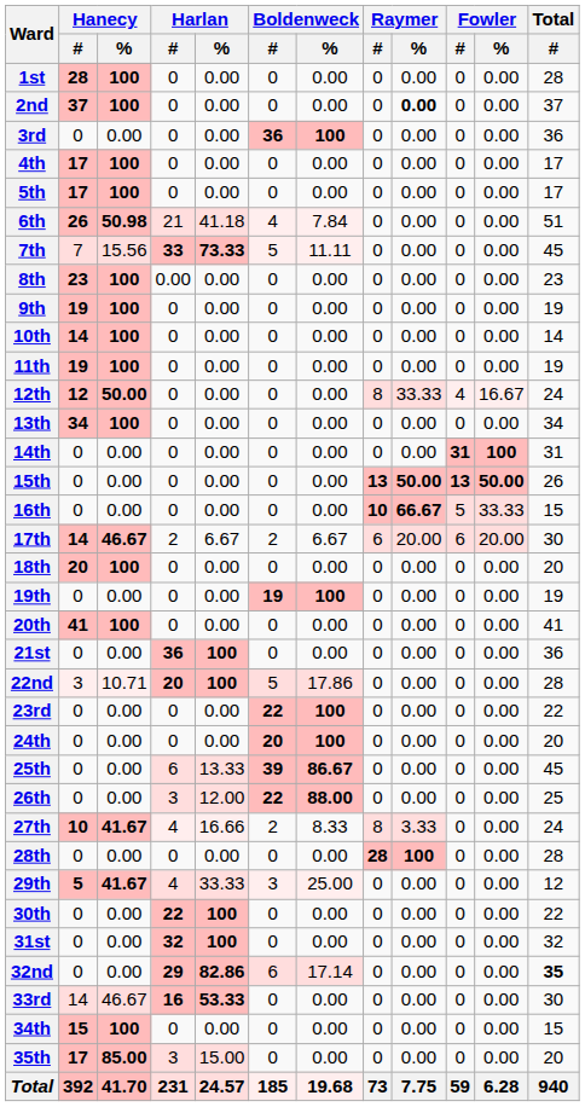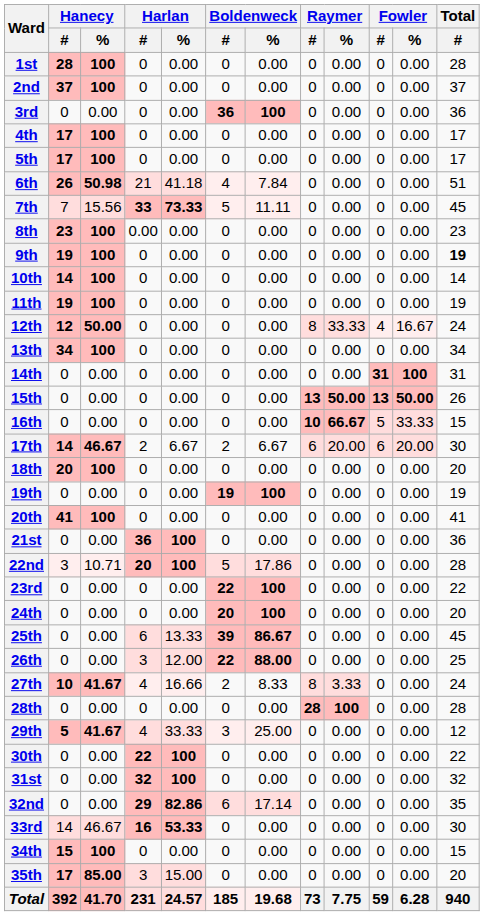 <table class="wikitable mw-collapsible mw-collapsed" style="text-align: center">
 <tr>
 <th rowspan=2>Ward</th>
 <th colspan=2><a href='#'>Hanecy</a></th>
 <th colspan=2><a href='#'>Harlan</a></th>
 <th colspan=2><a href='#'>Boldenweck</a></th>
 <th colspan=2><a href='#'>Raymer</a></th>
 <th colspan=2><a href='#'>Fowler</a></th>
 <th>Total</th>
 </tr>
 <tr>
 <th>#</th>
 <th>%</th>
 <th>#</th>
 <th>%</th>
 <th>#</th>
 <th>%</th>
 <th>#</th>
 <th>%</th>
 <th>#</th>
 <th>%</th>
 <th>#</th>
 </tr>
 <tr>
 <th><a href='#'>1st</a></th>
 <td style="background:#fbb;"><strong>28</strong></td>
 <td style="background:#fbb;"><strong>100</strong></td>
 <td>0</td>
 <td>0.00</td>
 <td>0</td>
 <td>0.00</td>
 <td>0</td>
 <td>0.00</td>
 <td>0</td>
 <td>0.00</td>
 <td>28</td>
 </tr>
 <tr>
 <th><a href='#'>2nd</a></th>
 <td style="background:#fbb;"><strong>37</strong></td>
 <td style="background:#fbb;"><strong>100</strong></td>
 <td>0</td>
 <td>0.00</td>
 <td>0</td>
 <td>0.00</td>
 <td>0</td>
-<td><strong>0.00</strong></td>
+<td>0.00</td>
 <td>0</td>
 <td>0.00</td>
 <td>37</td>
 </tr>
 <tr>
 <th><a href='#'>3rd</a></th>
 <td>0</td>
 <td>0.00</td>
 <td>0</td>
 <td>0.00</td>
 <td style="background:#fbb;"><strong>36</strong></td>
 <td style="background:#fbb;"><strong>100</strong></td>
 <td>0</td>
 <td>0.00</td>
 <td>0</td>
 <td>0.00</td>
 <td>36</td>
 </tr>
 <tr>
 <th><a href='#'>4th</a></th>
 <td style="background:#fbb;"><strong>17</strong></td>
 <td style="background:#fbb;"><strong>100</strong></td>
 <td>0</td>
 <td>0.00</td>
 <td>0</td>
 <td>0.00</td>
 <td>0</td>
 <td>0.00</td>
 <td>0</td>
 <td>0.00</td>
 <td>17</td>
 </tr>
 <tr>
 <th><a href='#'>5th</a></th>
 <td style="background:#fbb;"><strong>17</strong></td>
 <td style="background:#fbb;"><strong>100</strong></td>
 <td>0</td>
 <td>0.00</td>
 <td>0</td>
 <td>0.00</td>
 <td>0</td>
 <td>0.00</td>
 <td>0</td>
 <td>0.00</td>
 <td>17</td>
 </tr>
 <tr>
 <th><a href='#'>6th</a></th>
 <td style="background:#fbb;"><strong>26</strong></td>
 <td style="background:#fbb;"><strong>50.98</strong></td>
 <td style="background:#fdd;">21</td>
 <td style="background:#fdd;">41.18</td>
 <td style="background:#fee;">4</td>
 <td style="background:#fee;">7.84</td>
 <td>0</td>
 <td>0.00</td>
 <td>0</td>
 <td>0.00</td>
 <td>51</td>
 </tr>
 <tr>
 <th><a href='#'>7th</a></th>
 <td style="background:#fdd;">7</td>
 <td style="background:#fdd;">15.56</td>
 <td style="background:#fbb;"><strong>33</strong></td>
 <td style="background:#fbb;"><strong>73.33</strong></td>
 <td style="background:#fee;">5</td>
 <td style="background:#fee;">11.11</td>
 <td>0</td>
 <td>0.00</td>
 <td>0</td>
 <td>0.00</td>
 <td>45</td>
 </tr>
 <tr>
 <th><a href='#'>8th</a></th>
 <td style="background:#fbb;"><strong>23</strong></td>
 <td style="background:#fbb;"><strong>100</strong></td>
 <td>0.00</td>
 <td>0.00</td>
 <td>0</td>
 <td>0.00</td>
 <td>0</td>
 <td>0.00</td>
 <td>0</td>
 <td>0.00</td>
 <td>23</td>
 </tr>
 <tr>
 <th><a href='#'>9th</a></th>
 <td style="background:#fbb;"><strong>19</strong></td>
 <td style="background:#fbb;"><strong>100</strong></td>
 <td>0</td>
 <td>0.00</td>
 <td>0</td>
 <td>0.00</td>
 <td>0</td>
 <td>0.00</td>
 <td>0</td>
 <td>0.00</td>
-<td>19</td>
+<td><strong>19</strong></td>
 </tr>
 <tr>
 <th><a href='#'>10th</a></th>
 <td style="background:#fbb;"><strong>14</strong></td>
 <td style="background:#fbb;"><strong>100</strong></td>
 <td>0</td>
 <td>0.00</td>
 <td>0</td>
 <td>0.00</td>
 <td>0</td>
 <td>0.00</td>
 <td>0</td>
 <td>0.00</td>
 <td>14</td>
 </tr>
 <tr>
 <th><a href='#'>11th</a></th>
 <td style="background:#fbb;"><strong>19</strong></td>
 <td style="background:#fbb;"><strong>100</strong></td>
 <td>0</td>
 <td>0.00</td>
 <td>0</td>
 <td>0.00</td>
 <td>0</td>
 <td>0.00</td>
 <td>0</td>
 <td>0.00</td>
 <td>19</td>
 </tr>
 <tr>
 <th><a href='#'>12th</a></th>
 <td style="background:#fbb;"><strong>12</strong></td>
 <td style="background:#fbb;"><strong>50.00</strong></td>
 <td>0</td>
 <td>0.00</td>
 <td>0</td>
 <td>0.00</td>
 <td style="background:#fdd;">8</td>
 <td style="background:#fdd;">33.33</td>
 <td style="background:#fee;">4</td>
 <td style="background:#fee;">16.67</td>
 <td>24</td>
 </tr>
 <tr>
 <th><a href='#'>13th</a></th>
 <td style="background:#fbb;"><strong>34</strong></td>
 <td style="background:#fbb;"><strong>100</strong></td>
 <td>0</td>
 <td>0.00</td>
 <td>0</td>
 <td>0.00</td>
 <td>0</td>
 <td>0.00</td>
 <td>0</td>
 <td>0.00</td>
 <td>34</td>
 </tr>
 <tr>
 <th><a href='#'>14th</a></th>
 <td>0</td>
 <td>0.00</td>
 <td>0</td>
 <td>0.00</td>
 <td>0</td>
 <td>0.00</td>
 <td>0</td>
 <td>0.00</td>
 <td style="background:#fbb;"><strong>31</strong></td>
 <td style="background:#fbb;"><strong>100</strong></td>
 <td>31</td>
 </tr>
 <tr>
 <th><a href='#'>15th</a></th>
 <td>0</td>
 <td>0.00</td>
 <td>0</td>
 <td>0.00</td>
 <td>0</td>
 <td>0.00</td>
 <td style="background:#fbb;"><strong>13</strong></td>
 <td style="background:#fbb;"><strong>50.00</strong></td>
 <td style="background:#fbb;"><strong>13</strong></td>
 <td style="background:#fbb;"><strong>50.00</strong></td>
 <td>26</td>
 </tr>
 <tr>
 <th><a href='#'>16th</a></th>
 <td>0</td>
 <td>0.00</td>
 <td>0</td>
 <td>0.00</td>
 <td>0</td>
 <td>0.00</td>
 <td style="background:#fbb;"><strong>10</strong></td>
 <td style="background:#fbb;"><strong>66.67</strong></td>
 <td style="background:#fdd;">5</td>
 <td style="background:#fdd;">33.33</td>
 <td>15</td>
 </tr>
 <tr>
 <th><a href='#'>17th</a></th>
 <td style="background:#fbb;"><strong>14</strong></td>
 <td style="background:#fbb;"><strong>46.67</strong></td>
 <td>2</td>
 <td>6.67</td>
 <td>2</td>
 <td>6.67</td>
 <td style="background:#fdd;">6</td>
 <td style="background:#fdd;">20.00</td>
 <td style="background:#fdd;">6</td>
 <td style="background:#fdd;">20.00</td>
 <td>30</td>
 </tr>
 <tr>
 <th><a href='#'>18th</a></th>
 <td style="background:#fbb;"><strong>20</strong></td>
 <td style="background:#fbb;"><strong>100</strong></td>
 <td>0</td>
 <td>0.00</td>
 <td>0</td>
 <td>0.00</td>
 <td>0</td>
 <td>0.00</td>
 <td>0</td>
 <td>0.00</td>
 <td>20</td>
 </tr>
 <tr>
 <th><a href='#'>19th</a></th>
 <td>0</td>
 <td>0.00</td>
 <td>0</td>
 <td>0.00</td>
 <td style="background:#fbb;"><strong>19</strong></td>
 <td style="background:#fbb;"><strong>100</strong></td>
 <td>0</td>
 <td>0.00</td>
 <td>0</td>
 <td>0.00</td>
 <td>19</td>
 </tr>
 <tr>
 <th><a href='#'>20th</a></th>
 <td style="background:#fbb;"><strong>41</strong></td>
 <td style="background:#fbb;"><strong>100</strong></td>
 <td>0</td>
 <td>0.00</td>
 <td>0</td>
 <td>0.00</td>
 <td>0</td>
 <td>0.00</td>
 <td>0</td>
 <td>0.00</td>
 <td>41</td>
 </tr>
 <tr>
 <th><a href='#'>21st</a></th>
 <td>0</td>
 <td>0.00</td>
 <td style="background:#fbb;"><strong>36</strong></td>
 <td style="background:#fbb;"><strong>100</strong></td>
 <td>0</td>
 <td>0.00</td>
 <td>0</td>
 <td>0.00</td>
 <td>0</td>
 <td>0.00</td>
 <td>36</td>
 </tr>
 <tr>
 <th><a href='#'>22nd</a></th>
 <td style="background:#fee;">3</td>
 <td style="background:#fee;">10.71</td>
 <td style="background:#fbb;"><strong>20</strong></td>
 <td style="background:#fbb;"><strong>100</strong></td>
 <td style="background:#fdd;">5</td>
 <td style="background:#fdd;">17.86</td>
 <td>0</td>
 <td>0.00</td>
 <td>0</td>
 <td>0.00</td>
 <td>28</td>
 </tr>
 <tr>
 <th><a href='#'>23rd</a></th>
 <td>0</td>
 <td>0.00</td>
 <td>0</td>
 <td>0.00</td>
 <td style="background:#fbb;"><strong>22</strong></td>
 <td style="background:#fbb;"><strong>100</strong></td>
 <td>0</td>
 <td>0.00</td>
 <td>0</td>
 <td>0.00</td>
 <td>22</td>
 </tr>
 <tr>
 <th><a href='#'>24th</a></th>
 <td>0</td>
 <td>0.00</td>
 <td>0</td>
 <td>0.00</td>
 <td style="background:#fbb;"><strong>20</strong></td>
 <td style="background:#fbb;"><strong>100</strong></td>
 <td>0</td>
 <td>0.00</td>
 <td>0</td>
 <td>0.00</td>
 <td>20</td>
 </tr>
 <tr>
 <th><a href='#'>25th</a></th>
 <td>0</td>
 <td>0.00</td>
 <td style="background:#fdd;">6</td>
 <td style="background:#fdd;">13.33</td>
 <td style="background:#fbb;"><strong>39</strong></td>
 <td style="background:#fbb;"><strong>86.67</strong></td>
 <td>0</td>
 <td>0.00</td>
 <td>0</td>
 <td>0.00</td>
 <td>45</td>
 </tr>
 <tr>
 <th><a href='#'>26th</a></th>
 <td>0</td>
 <td>0.00</td>
 <td style="background:#fdd;">3</td>
 <td style="background:#fdd;">12.00</td>
 <td style="background:#fbb;"><strong>22</strong></td>
 <td style="background:#fbb;"><strong>88.00</strong></td>
 <td>0</td>
 <td>0.00</td>
 <td>0</td>
 <td>0.00</td>
 <td>25</td>
 </tr>
 <tr>
 <th><a href='#'>27th</a></th>
 <td style="background:#fbb;"><strong>10</strong></td>
 <td style="background:#fbb;"><strong>41.67</strong></td>
 <td style="background:#fee;">4</td>
 <td style="background:#fee;">16.66</td>
 <td>2</td>
 <td>8.33</td>
 <td style="background:#fdd;">8</td>
 <td style="background:#fdd;">3.33</td>
 <td>0</td>
 <td>0.00</td>
 <td>24</td>
 </tr>
 <tr>
 <th><a href='#'>28th</a></th>
 <td>0</td>
 <td>0.00</td>
 <td>0</td>
 <td>0.00</td>
 <td>0</td>
 <td>0.00</td>
 <td style="background:#fbb;"><strong>28</strong></td>
 <td style="background:#fbb;"><strong>100</strong></td>
 <td>0</td>
 <td>0.00</td>
 <td>28</td>
 </tr>
 <tr>
 <th><a href='#'>29th</a></th>
 <td style="background:#fbb;"><strong>5</strong></td>
 <td style="background:#fbb;"><strong>41.67</strong></td>
 <td style="background:#fdd;">4</td>
 <td style="background:#fdd;">33.33</td>
 <td style="background:#fee;">3</td>
 <td style="background:#fee;">25.00</td>
 <td>0</td>
 <td>0.00</td>
 <td>0</td>
 <td>0.00</td>
 <td>12</td>
 </tr>
 <tr>
 <th><a href='#'>30th</a></th>
 <td>0</td>
 <td>0.00</td>
 <td style="background:#fbb;"><strong>22</strong></td>
 <td style="background:#fbb;"><strong>100</strong></td>
 <td>0</td>
 <td>0.00</td>
 <td>0</td>
 <td>0.00</td>
 <td>0</td>
 <td>0.00</td>
 <td>22</td>
 </tr>
 <tr>
 <th><a href='#'>31st</a></th>
 <td>0</td>
 <td>0.00</td>
 <td style="background:#fbb;"><strong>32</strong></td>
 <td style="background:#fbb;"><strong>100</strong></td>
 <td>0</td>
 <td>0.00</td>
 <td>0</td>
 <td>0.00</td>
 <td>0</td>
 <td>0.00</td>
 <td>32</td>
 </tr>
 <tr>
 <th><a href='#'>32nd</a></th>
 <td>0</td>
 <td>0.00</td>
 <td style="background:#fbb;"><strong>29</strong></td>
 <td style="background:#fbb;"><strong>82.86</strong></td>
 <td style="background:#fdd;">6</td>
 <td style="background:#fdd;">17.14</td>
 <td>0</td>
 <td>0.00</td>
 <td>0</td>
 <td>0.00</td>
-<td><strong>35</strong></td>
+<td>35</td>
 </tr>
 <tr>
 <th><a href='#'>33rd</a></th>
 <td style="background:#fdd;">14</td>
 <td style="background:#fdd;">46.67</td>
 <td style="background:#fbb;"><strong>16</strong></td>
 <td style="background:#fbb;"><strong>53.33</strong></td>
 <td>0</td>
 <td>0.00</td>
 <td>0</td>
 <td>0.00</td>
 <td>0</td>
 <td>0.00</td>
 <td>30</td>
 </tr>
 <tr>
 <th><a href='#'>34th</a></th>
 <td style="background:#fbb;"><strong>15</strong></td>
 <td style="background:#fbb;"><strong>100</strong></td>
 <td>0</td>
 <td>0.00</td>
 <td>0</td>
 <td>0.00</td>
 <td>0</td>
 <td>0.00</td>
 <td>0</td>
 <td>0.00</td>
 <td>15</td>
 </tr>
 <tr>
 <th><a href='#'>35th</a></th>
 <td style="background:#fbb;"><strong>17</strong></td>
 <td style="background:#fbb;"><strong>85.00</strong></td>
 <td style="background:#fdd;">3</td>
 <td style="background:#fdd;">15.00</td>
 <td>0</td>
 <td>0.00</td>
 <td>0</td>
 <td>0.00</td>
 <td>0</td>
 <td>0.00</td>
 <td>20</td>
 </tr>
 <tr>
 <th><em>Total</em></th>
 <th style="background:#fbb;">392</th>
 <th style="background:#fbb;">41.70</th>
 <th style="background:#fdd;">231</th>
 <th style="background:#fdd;">24.57</th>
 <th style="background:#fee;">185</th>
 <th style="background:#fee;">19.68</th>
 <th>73</th>
 <th>7.75</th>
 <th>59</th>
 <th>6.28</th>
 <th>940</th>
 </tr>
 </table>
